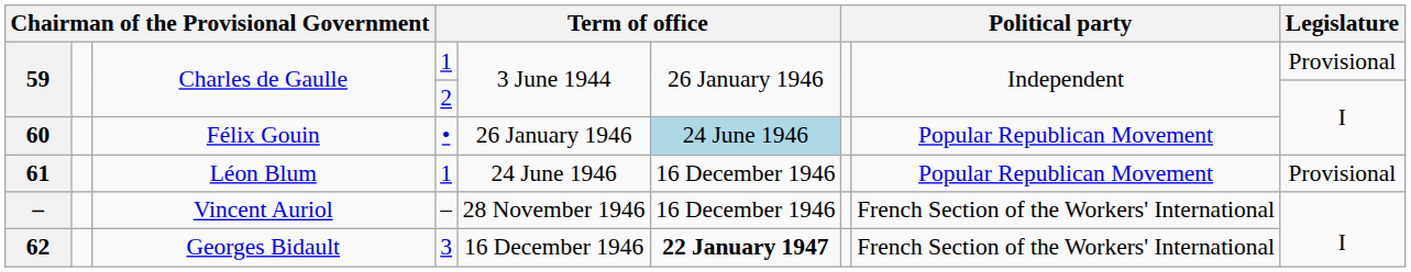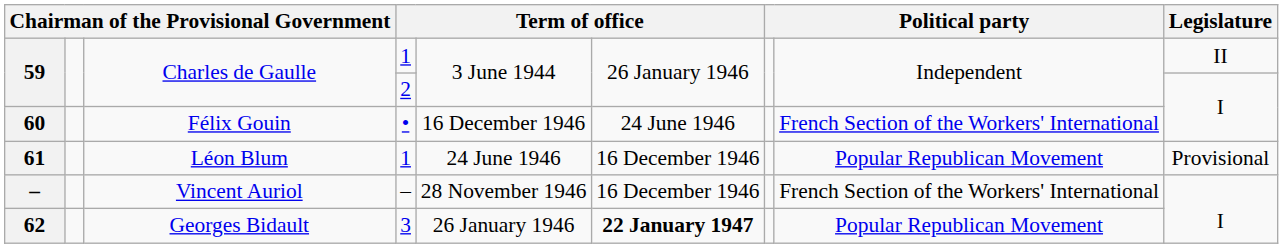 <table class="wikitable" style="text-align:center">
 <tr>
 <th colspan=3>Chairman of the Provisional Government<br></th>
 <th colspan=3>Term of office</th>
 <th colspan=2>Political party<br></th>
 <th>Legislature<br></th>
 </tr>
 <tr>
 <th rowspan=2>59</th>
 <td rowspan=2></td>
 <td rowspan=2><a href='#'>Charles de Gaulle</a><br></td>
 <td><a href='#'>1</a></td>
 <td rowspan=2>3 June 1944</td>
 <td rowspan=2>26 January 1946</td>
 <td rowspan=2 style="background:"></td>
 <td rowspan=2>Independent</td>
-<td>Provisional</td>
+<td>II<br></td>
 </tr>
 <tr>
 <td><a href='#'>2</a></td>
 <td rowspan=2>I<br></td>
 </tr>
 <tr>
 <th>60</th>
 <td></td>
 <td><a href='#'>Félix Gouin</a><br></td>
 <td><a href='#'>•</a></td>
-<td>26 January 1946</td>
-<td style="background: lightblue;">24 June 1946</td>
+<td>16 December 1946</td>
+<td>24 June 1946</td>
 <td style="background:"></td>
-<td><a href='#'>Popular Republican Movement</a><br></td>
+<td><a href='#'>French Section of the Workers' International</a><br></td>
 </tr>
 <tr>
 <th>61</th>
 <td></td>
 <td><a href='#'>Léon Blum</a><br></td>
 <td><a href='#'>1</a></td>
 <td>24 June 1946</td>
 <td>16 December 1946</td>
 <td style="background:"></td>
 <td><a href='#'>Popular Republican Movement</a><br></td>
 <td>Provisional</td>
 </tr>
 <tr>
 <th>–</th>
 <td></td>
 <td><a href='#'>Vincent Auriol</a><br></td>
 <td>–</td>
 <td>28 November 1946</td>
 <td>16 December 1946</td>
 <td style="background:"></td>
 <td>French Section of the Workers' International<br></td>
 <td rowspan=2><strong><em></em></strong><br>I<br></td>
 </tr>
 <tr>
 <th>62</th>
 <td></td>
 <td><a href='#'>Georges Bidault</a><br></td>
 <td><a href='#'>3</a></td>
-<td>16 December 1946</td>
+<td>26 January 1946</td>
 <td><strong>22 January 1947</strong></td>
 <td style="background:"></td>
-<td>French Section of the Workers' International<br></td>
+<td><a href='#'>Popular Republican Movement</a><br></td>
 </tr>
 </table>
